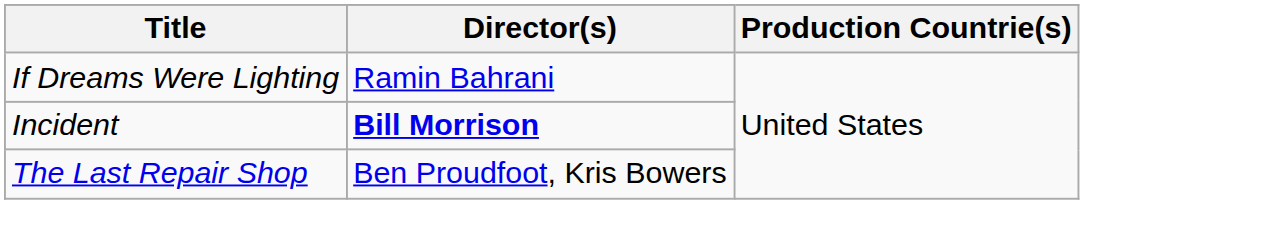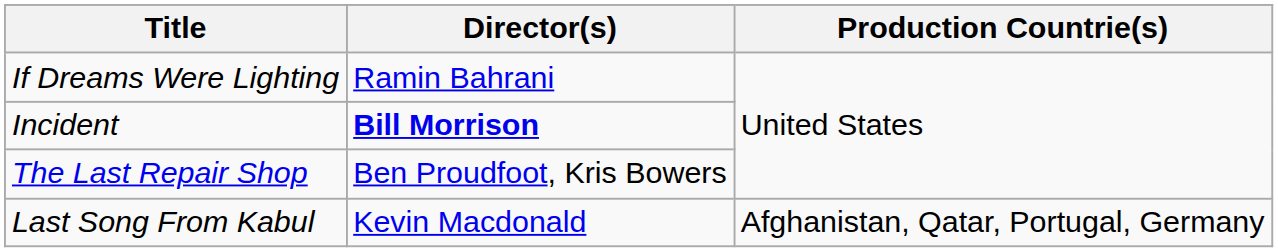 <table class="wikitable">
 <tr>
 <th>Title</th>
 <th>Director(s)</th>
 <th>Production Countrie(s)</th>
 </tr>
 <tr>
 <td><em>If Dreams Were Lighting</em></td>
 <td><a href='#'>Ramin Bahrani</a></td>
 <td rowspan="3">United States</td>
 </tr>
 <tr>
 <td><em>Incident</em></td>
 <td><strong><a href='#'>Bill Morrison</a></strong></td>
 </tr>
 <tr>
 <td><em><a href='#'>The Last Repair Shop</a></em></td>
 <td><a href='#'>Ben Proudfoot</a>, Kris Bowers</td>
 </tr>
+<tr>
+<td><em>Last Song From Kabul</em></td>
+<td><a href='#'>Kevin Macdonald</a></td>
+<td>Afghanistan, Qatar, Portugal, Germany</td>
+</tr>
 </table>
